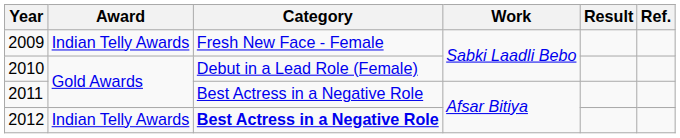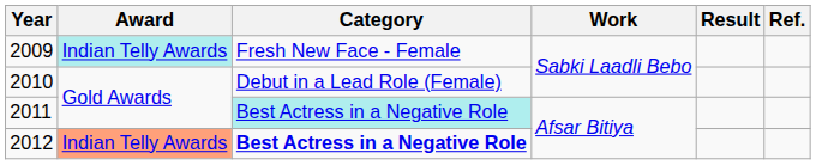 <table class="wikitable">
 <tr>
 <th>Year</th>
 <th>Award</th>
 <th>Category</th>
 <th>Work</th>
 <th>Result</th>
 <th>Ref.</th>
 </tr>
 <tr>
 <td>2009</td>
-<td><a href='#'>Indian Telly Awards</a></td>
+<td style="background: paleturquoise;"><a href='#'>Indian Telly Awards</a></td>
 <td><a href='#'>Fresh New Face - Female</a></td>
 <td rowspan="2"><em><a href='#'>Sabki Laadli Bebo</a></em></td>
 <td></td>
 <td></td>
 </tr>
 <tr>
 <td>2010</td>
 <td rowspan="2"><a href='#'>Gold Awards</a></td>
 <td><a href='#'>Debut in a Lead Role (Female)</a></td>
 <td></td>
 <td></td>
 </tr>
 <tr>
 <td>2011</td>
-<td><a href='#'>Best Actress in a Negative Role</a></td>
+<td style="background: paleturquoise;"><a href='#'>Best Actress in a Negative Role</a></td>
 <td rowspan="2"><em><a href='#'>Afsar Bitiya</a></em></td>
 <td></td>
 <td></td>
 </tr>
 <tr>
 <td>2012</td>
-<td><a href='#'>Indian Telly Awards</a></td>
+<td style="background: lightsalmon;"><a href='#'>Indian Telly Awards</a></td>
 <td><strong><a href='#'>Best Actress in a Negative Role</a></strong></td>
 <td></td>
 <td></td>
 </tr>
 </table>
